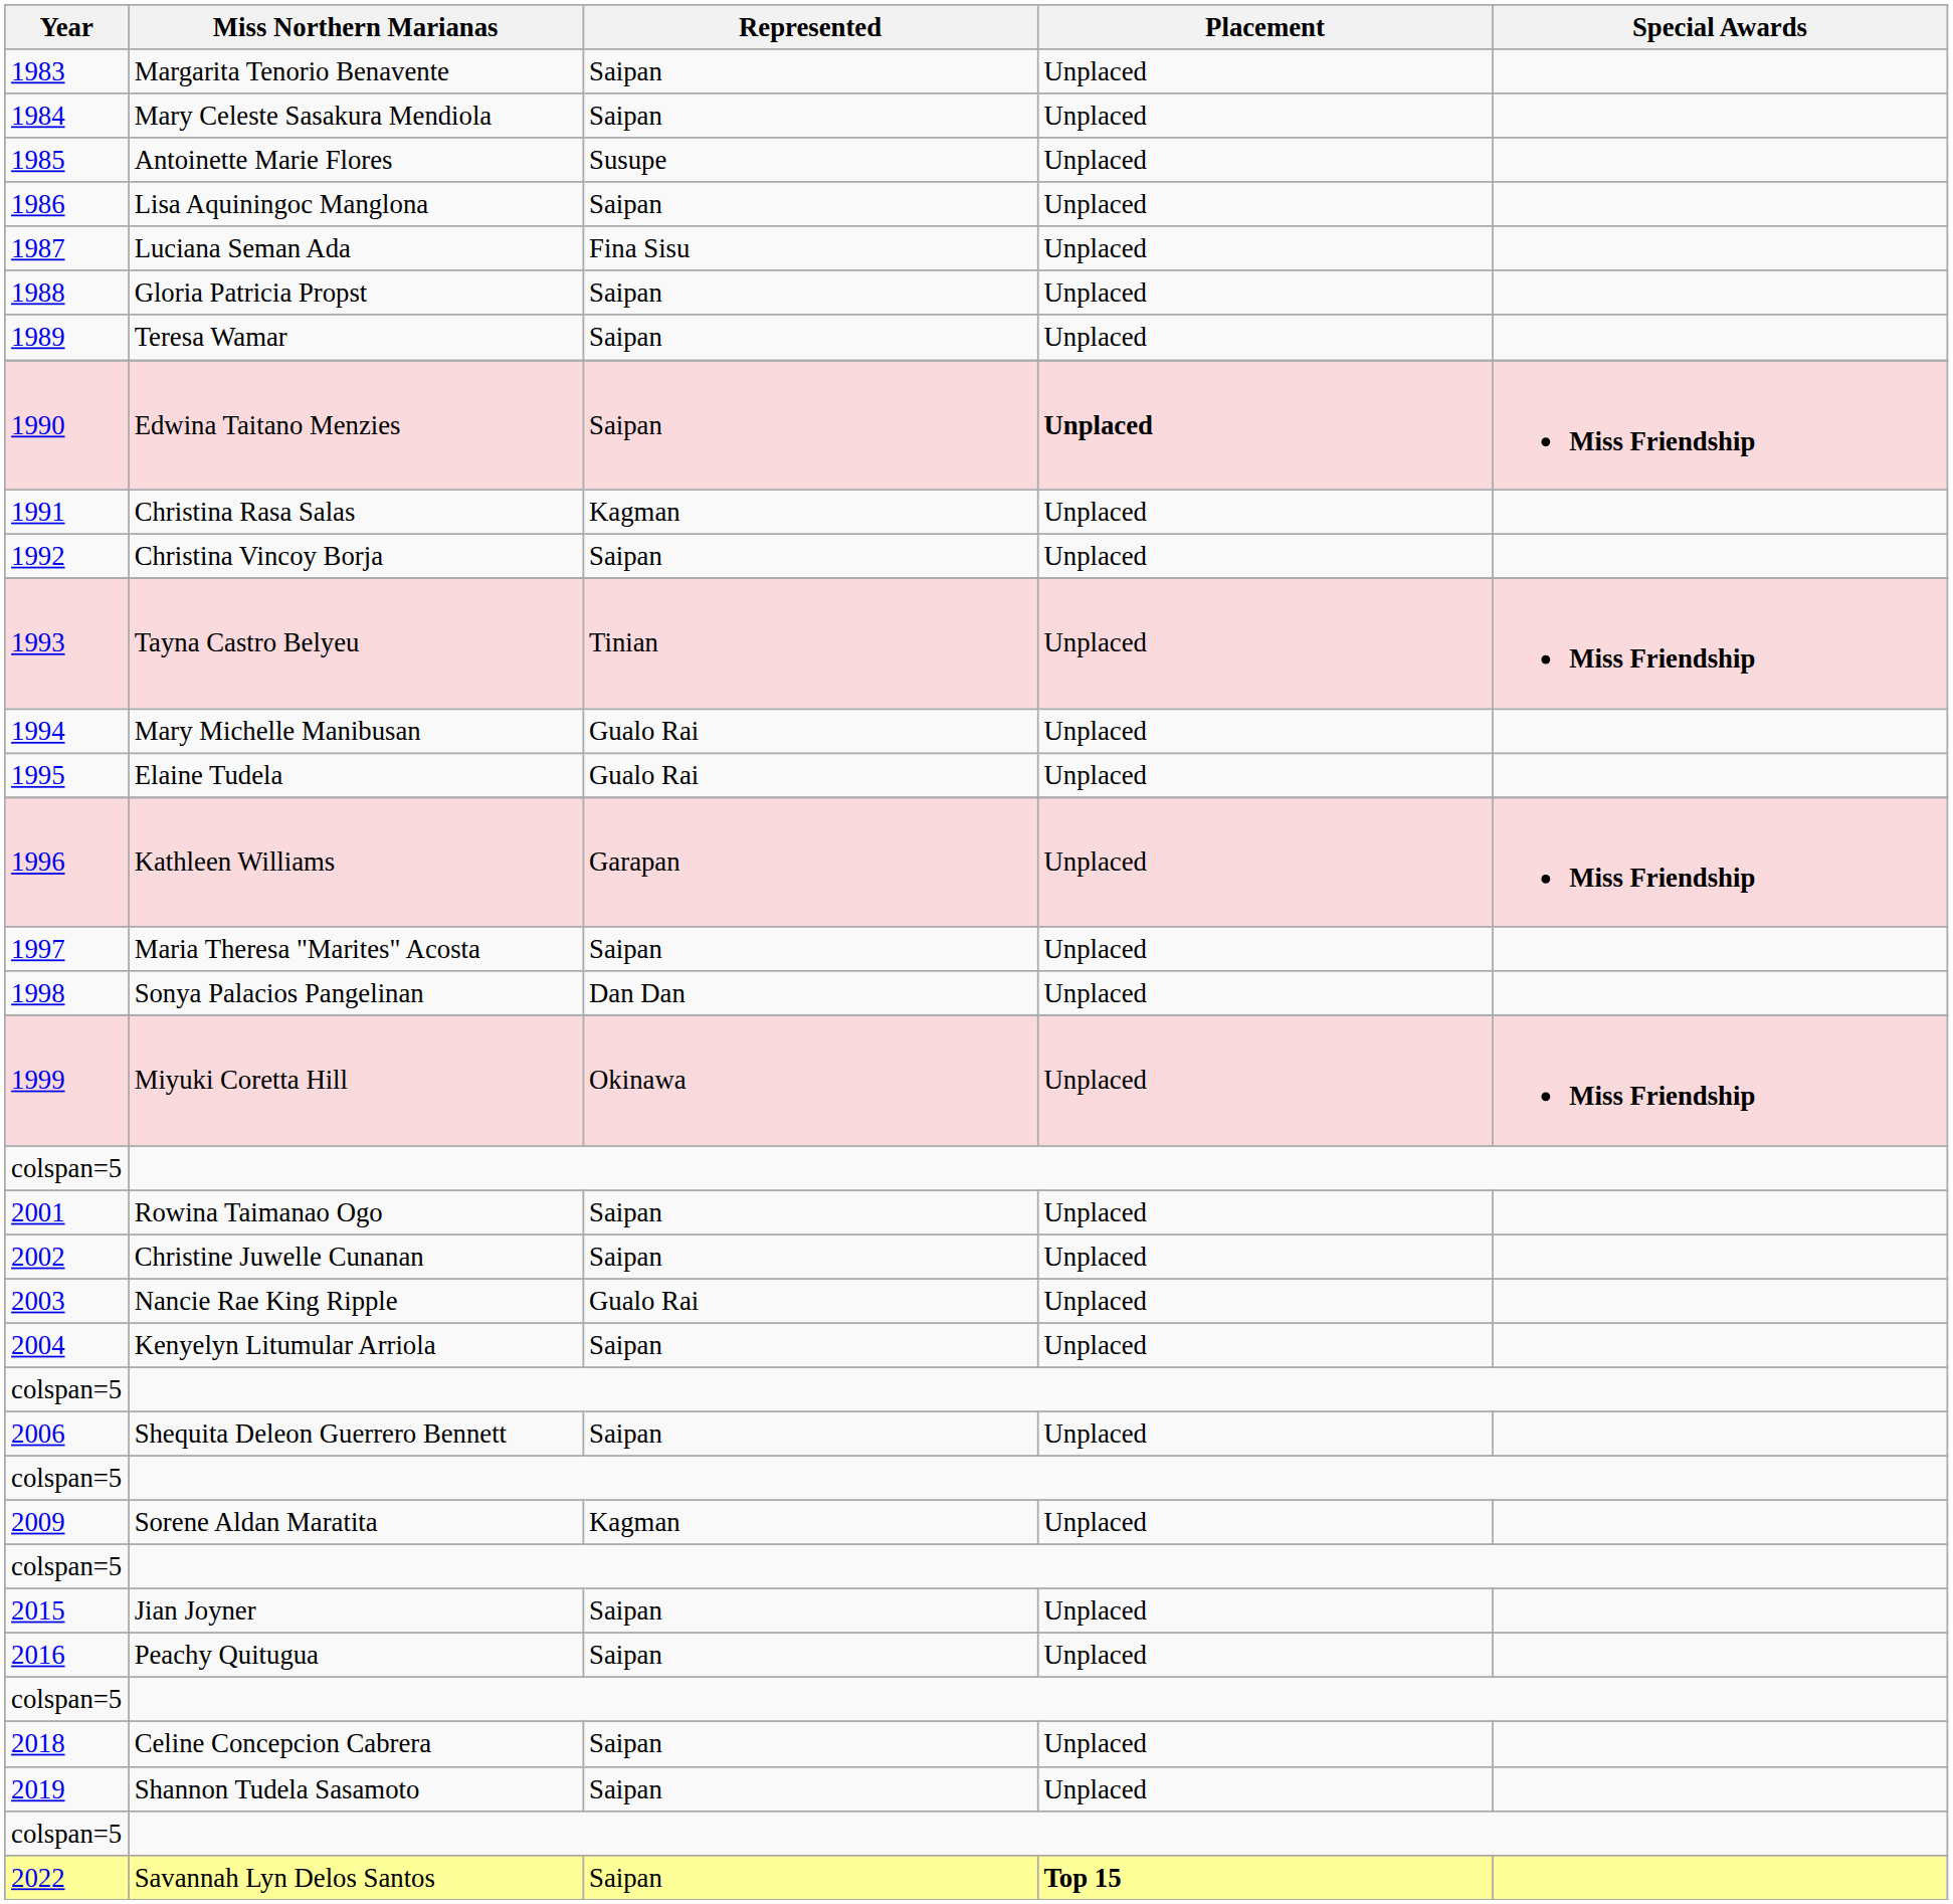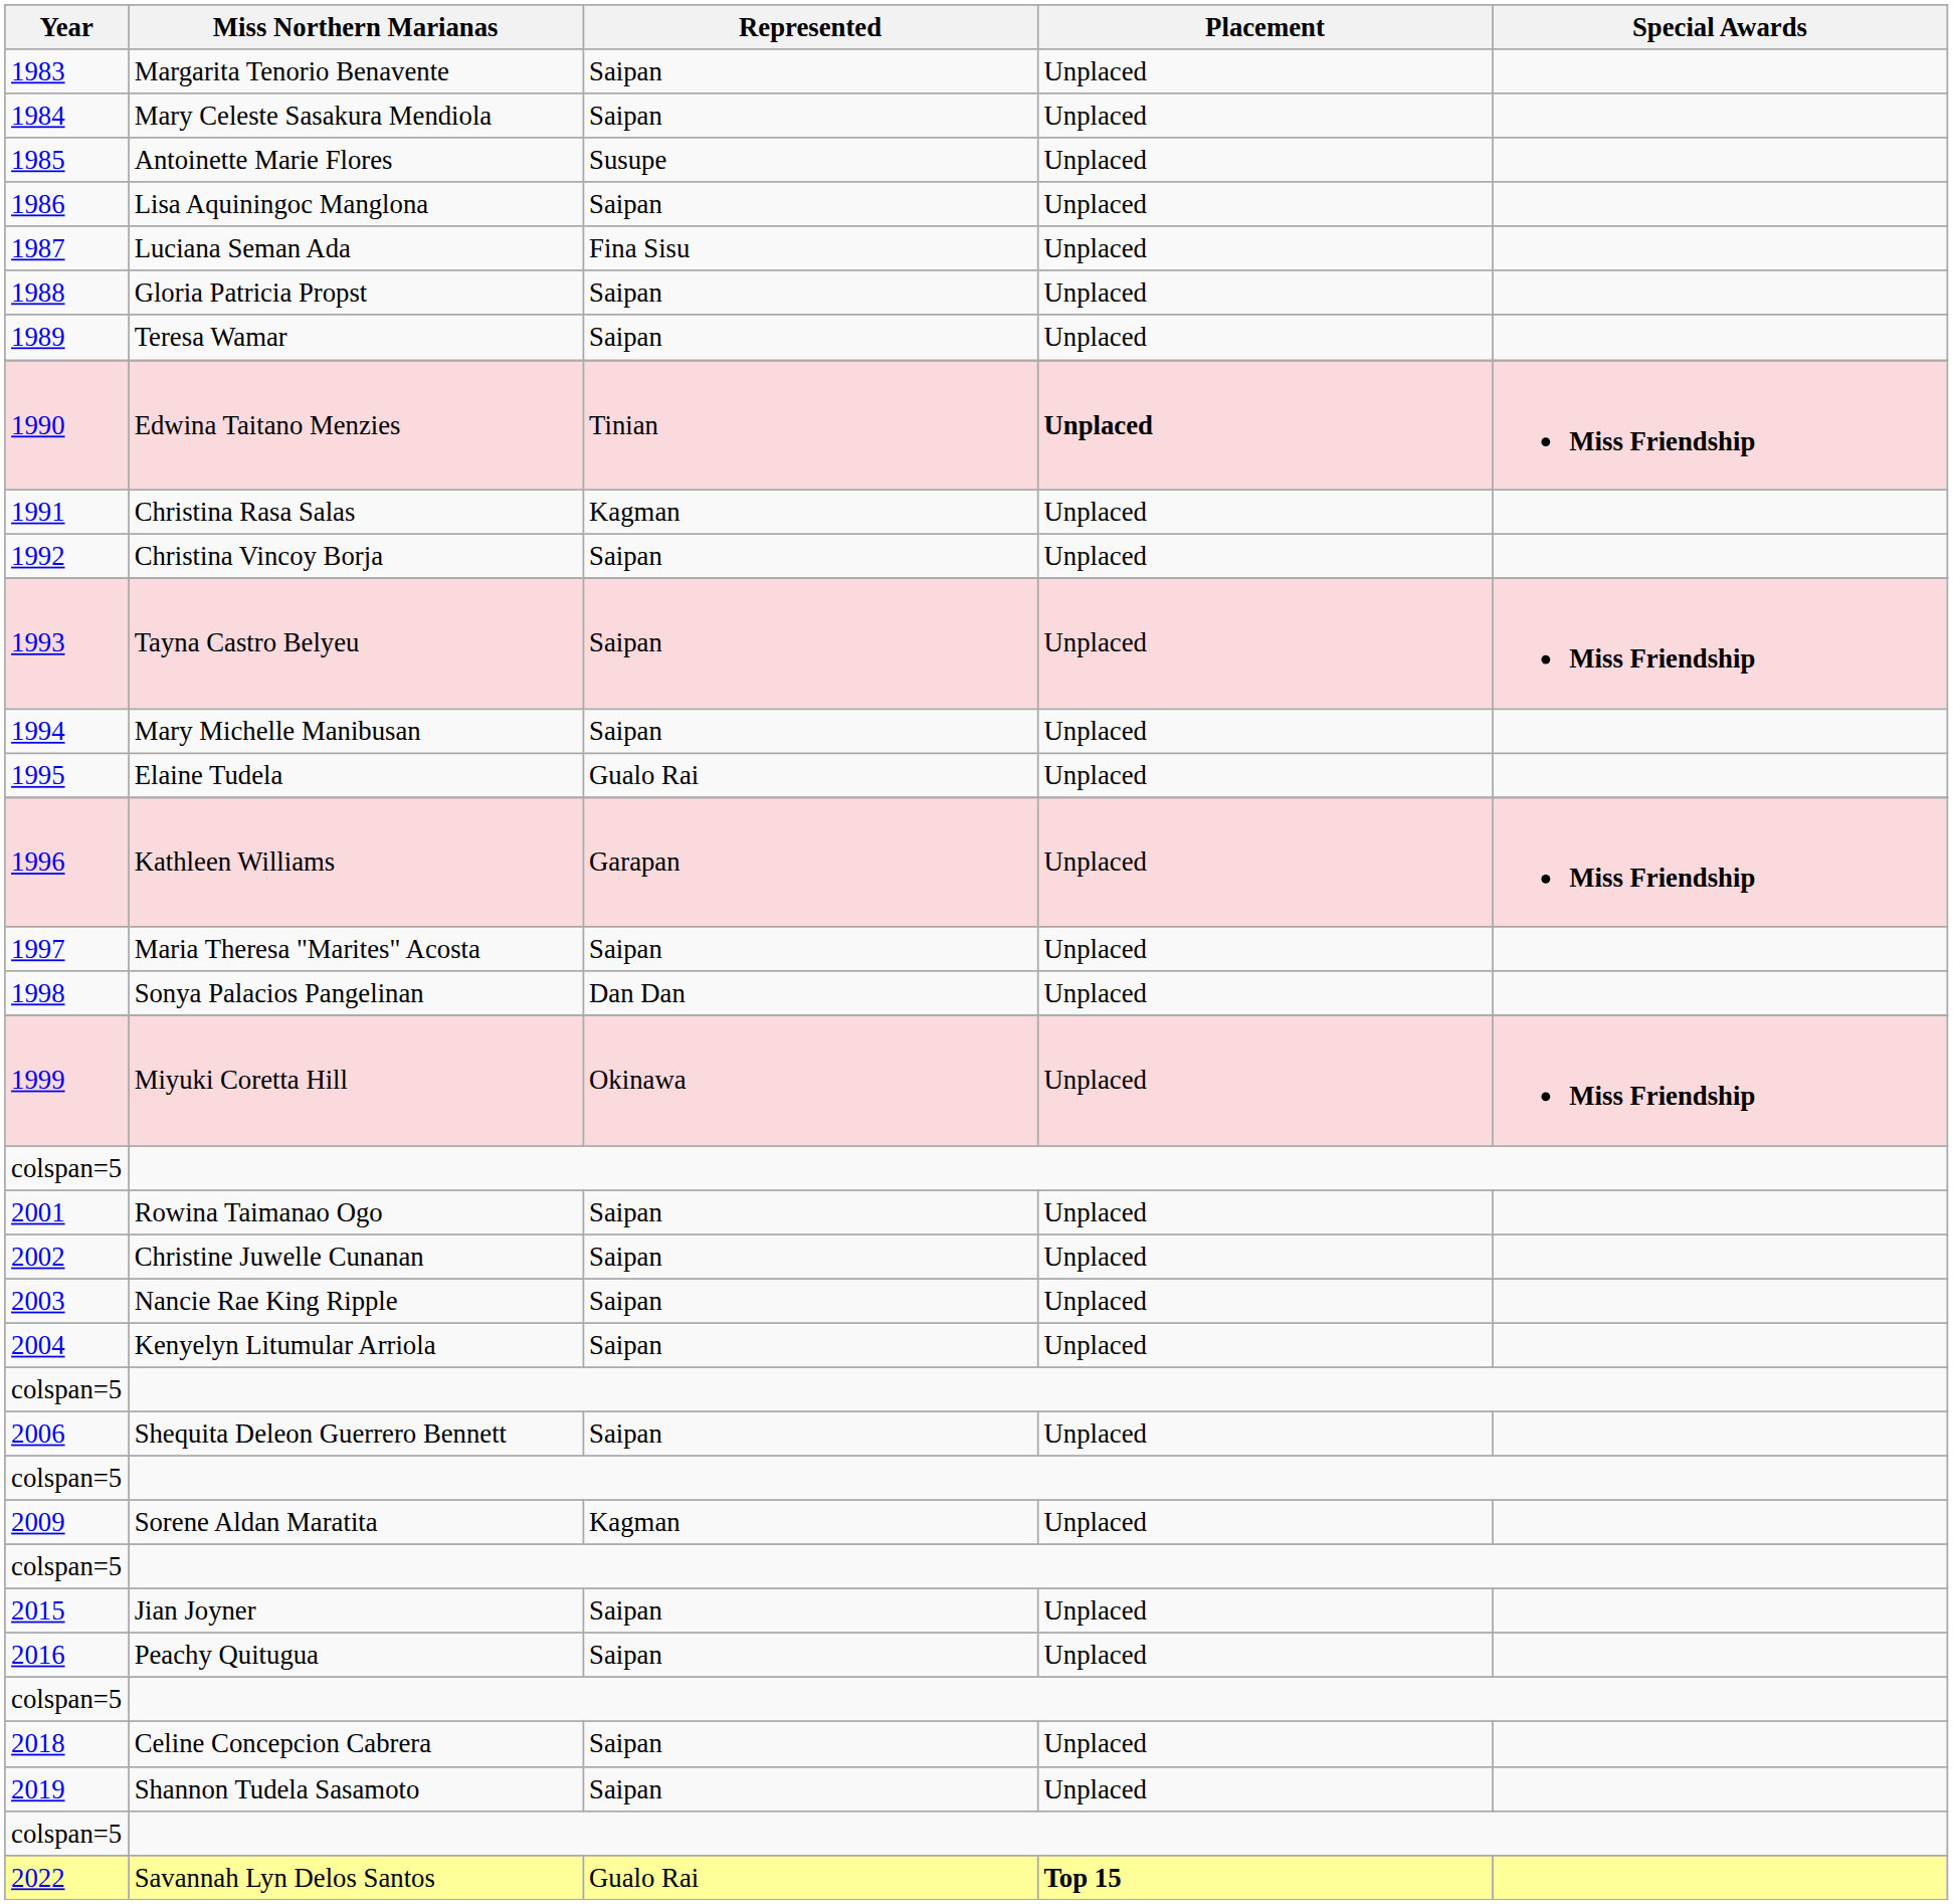 <table class="wikitable " style="font-size: 95%;">
 <tr>
 <th width="60">Year</th>
 <th width="250">Miss Northern Marianas</th>
 <th width="250">Represented</th>
 <th width="250">Placement</th>
 <th width="250">Special Awards</th>
 </tr>
 <tr>
 <td><a href='#'>1983</a></td>
 <td>Margarita Tenorio Benavente</td>
 <td>Saipan</td>
 <td>Unplaced</td>
 <td></td>
 </tr>
 <tr>
 <td><a href='#'>1984</a></td>
 <td>Mary Celeste Sasakura Mendiola</td>
 <td>Saipan</td>
 <td>Unplaced</td>
 <td></td>
 </tr>
 <tr>
 <td><a href='#'>1985</a></td>
 <td>Antoinette Marie Flores</td>
 <td>Susupe</td>
 <td>Unplaced</td>
 <td></td>
 </tr>
 <tr>
 <td><a href='#'>1986</a></td>
 <td>Lisa Aquiningoc Manglona</td>
 <td>Saipan</td>
 <td>Unplaced</td>
 <td></td>
 </tr>
 <tr>
 <td><a href='#'>1987</a></td>
 <td>Luciana Seman Ada</td>
 <td>Fina Sisu</td>
 <td>Unplaced</td>
 <td></td>
 </tr>
 <tr>
 <td><a href='#'>1988</a></td>
 <td>Gloria Patricia Propst</td>
 <td>Saipan</td>
 <td>Unplaced</td>
 <td></td>
 </tr>
 <tr>
 <td><a href='#'>1989</a></td>
 <td>Teresa Wamar</td>
 <td>Saipan</td>
 <td>Unplaced</td>
 <td></td>
 </tr>
 <tr>
 </tr>
 <tr style="background-color:#FADADD; ">
 <td><a href='#'>1990</a></td>
 <td>Edwina Taitano Menzies</td>
-<td>Saipan</td>
+<td>Tinian</td>
 <td><strong>Unplaced</strong></td>
 <td align="left"><br><ul><li><strong>Miss Friendship</strong></li></ul></td>
 </tr>
 <tr>
 <td><a href='#'>1991</a></td>
 <td>Christina Rasa Salas</td>
 <td>Kagman</td>
 <td>Unplaced</td>
 <td></td>
 </tr>
 <tr>
 <td><a href='#'>1992</a></td>
 <td>Christina Vincoy Borja</td>
 <td>Saipan</td>
 <td>Unplaced</td>
 <td></td>
 </tr>
 <tr>
 </tr>
 <tr style="background-color:#FADADD; ">
 <td><a href='#'>1993</a></td>
 <td>Tayna Castro Belyeu</td>
-<td>Tinian</td>
+<td>Saipan</td>
 <td>Unplaced</td>
 <td align="left"><br><ul><li><strong>Miss Friendship</strong></li></ul></td>
 </tr>
 <tr>
 <td><a href='#'>1994</a></td>
 <td>Mary Michelle Manibusan</td>
-<td>Gualo Rai</td>
+<td>Saipan</td>
 <td>Unplaced</td>
 <td></td>
 </tr>
 <tr>
 <td><a href='#'>1995</a></td>
 <td>Elaine Tudela</td>
 <td>Gualo Rai</td>
 <td>Unplaced</td>
 <td></td>
 </tr>
 <tr>
 </tr>
 <tr style="background-color:#FADADD; ">
 <td><a href='#'>1996</a></td>
 <td>Kathleen Williams</td>
 <td>Garapan</td>
 <td>Unplaced</td>
 <td align="left"><br><ul><li><strong>Miss Friendship</strong></li></ul></td>
 </tr>
 <tr>
 <td><a href='#'>1997</a></td>
 <td>Maria Theresa "Marites" Acosta</td>
 <td>Saipan</td>
 <td>Unplaced</td>
 <td></td>
 </tr>
 <tr>
 <td><a href='#'>1998</a></td>
 <td>Sonya Palacios Pangelinan</td>
 <td>Dan Dan</td>
 <td>Unplaced</td>
 <td></td>
 </tr>
 <tr>
 </tr>
 <tr style="background-color:#FADADD; ">
 <td><a href='#'>1999</a></td>
 <td>Miyuki Coretta Hill</td>
 <td>Okinawa</td>
 <td>Unplaced</td>
 <td align="left"><br><ul><li><strong>Miss Friendship</strong></li></ul></td>
 </tr>
 <tr>
 <td>colspan=5 </td>
 </tr>
 <tr>
 <td><a href='#'>2001</a></td>
 <td>Rowina Taimanao Ogo</td>
 <td>Saipan</td>
 <td>Unplaced</td>
 <td></td>
 </tr>
 <tr>
 <td><a href='#'>2002</a></td>
 <td>Christine Juwelle Cunanan</td>
 <td>Saipan</td>
 <td>Unplaced</td>
 <td></td>
 </tr>
 <tr>
 <td><a href='#'>2003</a></td>
 <td>Nancie Rae King Ripple</td>
-<td>Gualo Rai</td>
+<td>Saipan</td>
 <td>Unplaced</td>
 <td></td>
 </tr>
 <tr>
 <td><a href='#'>2004</a></td>
 <td>Kenyelyn Litumular Arriola</td>
 <td>Saipan</td>
 <td>Unplaced</td>
 <td></td>
 </tr>
 <tr>
 <td>colspan=5 </td>
 </tr>
 <tr>
 <td><a href='#'>2006</a></td>
 <td>Shequita Deleon Guerrero Bennett</td>
 <td>Saipan</td>
 <td>Unplaced</td>
 <td></td>
 </tr>
 <tr>
 <td>colspan=5 </td>
 </tr>
 <tr>
 <td><a href='#'>2009</a></td>
 <td>Sorene Aldan Maratita</td>
 <td>Kagman</td>
 <td>Unplaced</td>
 <td></td>
 </tr>
 <tr>
 <td>colspan=5 </td>
 </tr>
 <tr>
 <td><a href='#'>2015</a></td>
 <td>Jian Joyner</td>
 <td>Saipan</td>
 <td>Unplaced</td>
 <td></td>
 </tr>
 <tr>
 <td><a href='#'>2016</a></td>
 <td>Peachy Quitugua</td>
 <td>Saipan</td>
 <td>Unplaced</td>
 <td></td>
 </tr>
 <tr>
 <td>colspan=5 </td>
 </tr>
 <tr>
 <td><a href='#'>2018</a></td>
 <td>Celine Concepcion Cabrera</td>
 <td>Saipan</td>
 <td>Unplaced</td>
 <td></td>
 </tr>
 <tr>
 <td><a href='#'>2019</a></td>
 <td>Shannon Tudela Sasamoto</td>
 <td>Saipan</td>
 <td>Unplaced</td>
 <td></td>
 </tr>
 <tr>
 <td>colspan=5 </td>
 </tr>
 <tr style="background-color:#FFFF99;">
 <td><a href='#'>2022</a></td>
 <td>Savannah Lyn Delos Santos</td>
-<td>Saipan</td>
+<td>Gualo Rai</td>
 <td><strong>Top 15</strong></td>
 <td></td>
 </tr>
 <tr>
 </tr>
 </table>
